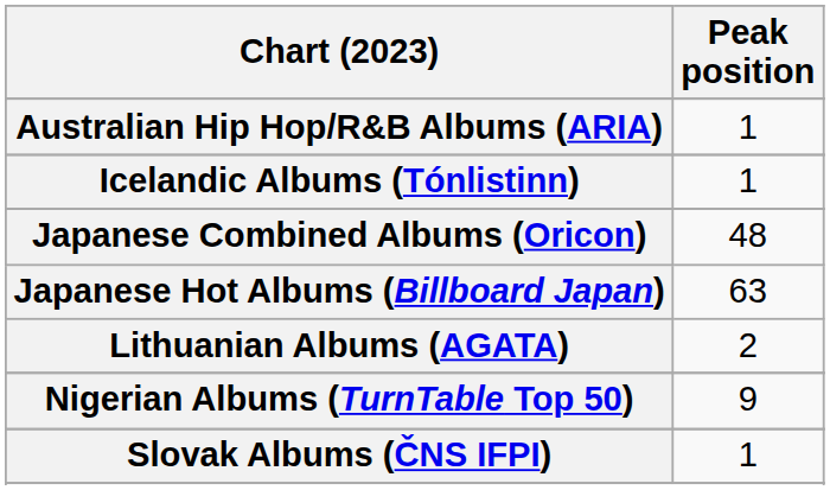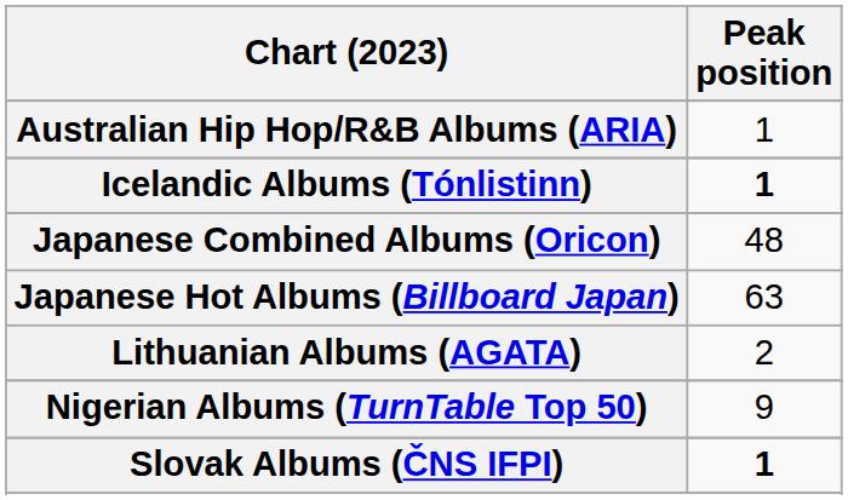 <table class="wikitable sortable plainrowheaders" style="text-align:center">
 <tr>
 <th scope="col">Chart (2023)</th>
 <th scope="col">Peak<br>position</th>
 </tr>
 <tr>
 </tr>
 <tr>
 <th scope="row">Australian Hip Hop/R&B Albums (<a href='#'>ARIA</a>)</th>
 <td>1</td>
 </tr>
 <tr>
 </tr>
 <tr>
 </tr>
 <tr>
 </tr>
 <tr>
 </tr>
 <tr>
 </tr>
 <tr>
 </tr>
 <tr>
 </tr>
 <tr>
 </tr>
 <tr>
 </tr>
 <tr>
 </tr>
 <tr>
 </tr>
 <tr>
 <th scope="row">Icelandic Albums (<a href='#'>Tónlistinn</a>)</th>
-<td>1</td>
+<td><strong>1</strong></td>
 </tr>
 <tr>
 </tr>
 <tr>
 </tr>
 <tr>
 <th scope="row">Japanese Combined Albums (<a href='#'>Oricon</a>)</th>
 <td>48</td>
 </tr>
 <tr>
 <th scope="row">Japanese Hot Albums (<em><a href='#'>Billboard Japan</a></em>)</th>
 <td>63</td>
 </tr>
 <tr>
 <th scope="row">Lithuanian Albums (<a href='#'>AGATA</a>)</th>
 <td>2</td>
 </tr>
 <tr>
 </tr>
 <tr>
 <th scope="row">Nigerian Albums (<a href='#'><em>TurnTable</em> Top 50</a>)</th>
 <td>9</td>
 </tr>
 <tr>
 </tr>
 <tr>
 </tr>
 <tr>
 </tr>
 <tr>
 </tr>
 <tr>
 <th scope="row">Slovak Albums (<a href='#'>ČNS IFPI</a>)</th>
-<td>1</td>
+<td><strong>1</strong></td>
 </tr>
 <tr>
 </tr>
 <tr>
 </tr>
 <tr>
 </tr>
 <tr>
 </tr>
 <tr>
 </tr>
 <tr>
 </tr>
 <tr>
 </tr>
 </table>
